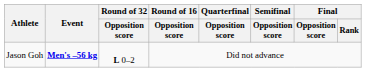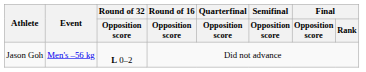 <table class=wikitable style=font-size:90%;text-align:center>
 <tr>
 <th rowspan=2>Athlete</th>
 <th rowspan=2>Event</th>
 <th>Round of 32</th>
 <th>Round of 16</th>
 <th>Quarterfinal</th>
 <th>Semifinal</th>
 <th colspan=2>Final</th>
 </tr>
 <tr style=font-size:95%>
 <th>Opposition<br>score</th>
 <th>Opposition<br>score</th>
 <th>Opposition<br>score</th>
 <th>Opposition<br>score</th>
 <th>Opposition<br>score</th>
 <th>Rank</th>
 </tr>
 <tr>
 <td align=left>Jason Goh</td>
-<td align=left><strong><a href='#'>Men's –56 kg</a></strong></td>
+<td align=left><a href='#'>Men's –56 kg</a></td>
 <td><br><strong>L</strong> 0–2</td>
 <td colspan=5>Did not advance</td>
 </tr>
 </table>
